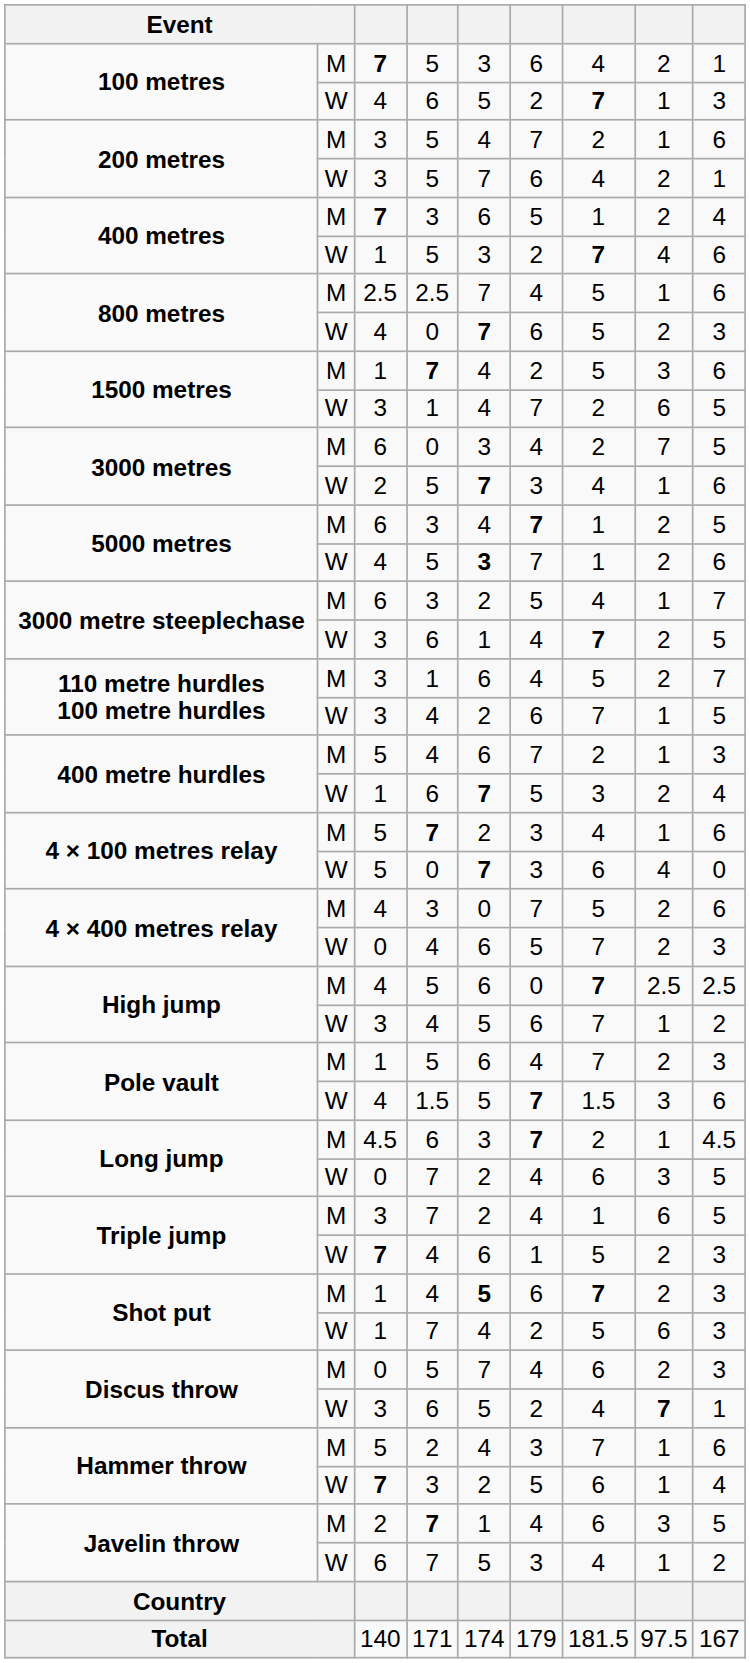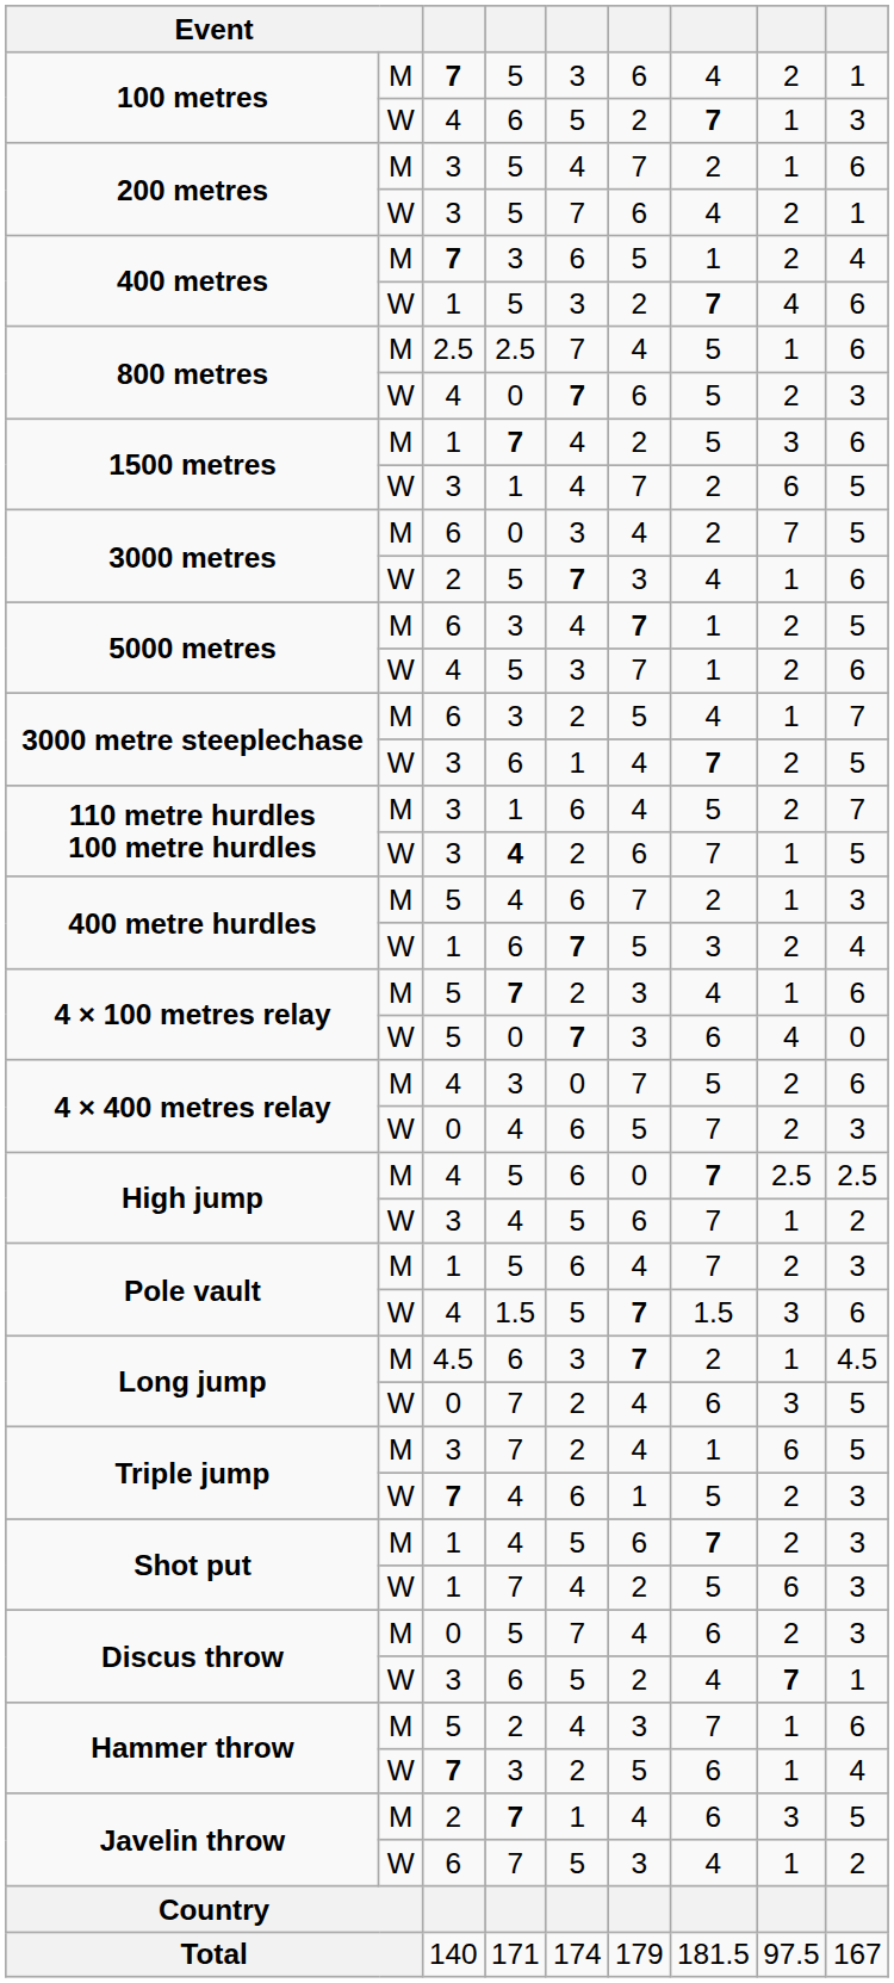 <table class="wikitable sortable" style="background-color: #f9f9f9; font-size: 90%; text-align: center">
 <tr>
 <th width=200 colspan=2>Event</th>
 <th></th>
 <th></th>
 <th></th>
 <th></th>
 <th></th>
 <th></th>
 <th></th>
 </tr>
 <tr>
 <td rowspan=2><strong>100 metres</strong></td>
 <td>M</td>
 <td><strong>7</strong></td>
 <td>5</td>
 <td>3</td>
 <td>6</td>
 <td>4</td>
 <td>2</td>
 <td>1</td>
 </tr>
 <tr>
 <td>W</td>
 <td>4</td>
 <td>6</td>
 <td>5</td>
 <td>2</td>
 <td><strong>7</strong></td>
 <td>1</td>
 <td>3</td>
 </tr>
 <tr>
 <td rowspan=2><strong>200 metres</strong></td>
 <td>M</td>
 <td>3</td>
 <td>5</td>
 <td>4</td>
 <td>7</td>
 <td>2</td>
 <td>1</td>
 <td>6</td>
 </tr>
 <tr>
 <td>W</td>
 <td>3</td>
 <td>5</td>
 <td>7</td>
 <td>6</td>
 <td>4</td>
 <td>2</td>
 <td>1</td>
 </tr>
 <tr>
 <td rowspan=2><strong>400 metres</strong></td>
 <td>M</td>
 <td><strong>7</strong></td>
 <td>3</td>
 <td>6</td>
 <td>5</td>
 <td>1</td>
 <td>2</td>
 <td>4</td>
 </tr>
 <tr>
 <td>W</td>
 <td>1</td>
 <td>5</td>
 <td>3</td>
 <td>2</td>
 <td><strong>7</strong></td>
 <td>4</td>
 <td>6</td>
 </tr>
 <tr>
 <td rowspan=2><strong>800 metres</strong></td>
 <td>M</td>
 <td>2.5</td>
 <td>2.5</td>
 <td>7</td>
 <td>4</td>
 <td>5</td>
 <td>1</td>
 <td>6</td>
 </tr>
 <tr>
 <td>W</td>
 <td>4</td>
 <td>0</td>
 <td><strong>7</strong></td>
 <td>6</td>
 <td>5</td>
 <td>2</td>
 <td>3</td>
 </tr>
 <tr>
 <td rowspan=2><strong>1500 metres</strong></td>
 <td>M</td>
 <td>1</td>
 <td><strong>7</strong></td>
 <td>4</td>
 <td>2</td>
 <td>5</td>
 <td>3</td>
 <td>6</td>
 </tr>
 <tr>
 <td>W</td>
 <td>3</td>
 <td>1</td>
 <td>4</td>
 <td>7</td>
 <td>2</td>
 <td>6</td>
 <td>5</td>
 </tr>
 <tr>
 <td rowspan=2><strong>3000 metres</strong></td>
 <td>M</td>
 <td>6</td>
 <td>0</td>
 <td>3</td>
 <td>4</td>
 <td>2</td>
 <td>7</td>
 <td>5</td>
 </tr>
 <tr>
 <td>W</td>
 <td>2</td>
 <td>5</td>
 <td><strong>7</strong></td>
 <td>3</td>
 <td>4</td>
 <td>1</td>
 <td>6</td>
 </tr>
 <tr>
 <td rowspan=2><strong>5000 metres</strong></td>
 <td>M</td>
 <td>6</td>
 <td>3</td>
 <td>4</td>
 <td><strong>7</strong></td>
 <td>1</td>
 <td>2</td>
 <td>5</td>
 </tr>
 <tr>
 <td>W</td>
 <td>4</td>
 <td>5</td>
-<td><strong>3</strong></td>
+<td>3</td>
 <td>7</td>
 <td>1</td>
 <td>2</td>
 <td>6</td>
 </tr>
 <tr>
 <td rowspan=2><strong>3000 metre steeplechase</strong></td>
 <td>M</td>
 <td>6</td>
 <td>3</td>
 <td>2</td>
 <td>5</td>
 <td>4</td>
 <td>1</td>
 <td>7</td>
 </tr>
 <tr>
 <td>W</td>
 <td>3</td>
 <td>6</td>
 <td>1</td>
 <td>4</td>
 <td><strong>7</strong></td>
 <td>2</td>
 <td>5</td>
 </tr>
 <tr>
 <td rowspan=2><strong>110 metre hurdles<br>100 metre hurdles</strong></td>
 <td>M</td>
 <td>3</td>
 <td>1</td>
 <td>6</td>
 <td>4</td>
 <td>5</td>
 <td>2</td>
 <td>7</td>
 </tr>
 <tr>
 <td>W</td>
 <td>3</td>
-<td>4</td>
+<td><strong>4</strong></td>
 <td>2</td>
 <td>6</td>
 <td>7</td>
 <td>1</td>
 <td>5</td>
 </tr>
 <tr>
 <td rowspan=2><strong>400 metre hurdles</strong></td>
 <td>M</td>
 <td>5</td>
 <td>4</td>
 <td>6</td>
 <td>7</td>
 <td>2</td>
 <td>1</td>
 <td>3</td>
 </tr>
 <tr>
 <td>W</td>
 <td>1</td>
 <td>6</td>
 <td><strong>7</strong></td>
 <td>5</td>
 <td>3</td>
 <td>2</td>
 <td>4</td>
 </tr>
 <tr>
 <td rowspan=2><strong> 4 × 100 metres relay</strong></td>
 <td>M</td>
 <td>5</td>
 <td><strong>7</strong></td>
 <td>2</td>
 <td>3</td>
 <td>4</td>
 <td>1</td>
 <td>6</td>
 </tr>
 <tr>
 <td>W</td>
 <td>5</td>
 <td>0</td>
 <td><strong>7</strong></td>
 <td>3</td>
 <td>6</td>
 <td>4</td>
 <td>0</td>
 </tr>
 <tr>
 <td rowspan=2><strong>4 × 400 metres relay</strong></td>
 <td>M</td>
 <td>4</td>
 <td>3</td>
 <td>0</td>
 <td>7</td>
 <td>5</td>
 <td>2</td>
 <td>6</td>
 </tr>
 <tr>
 <td>W</td>
 <td>0</td>
 <td>4</td>
 <td>6</td>
 <td>5</td>
 <td>7</td>
 <td>2</td>
 <td>3</td>
 </tr>
 <tr>
 <td rowspan=2><strong>High jump</strong></td>
 <td>M</td>
 <td>4</td>
 <td>5</td>
 <td>6</td>
 <td>0</td>
 <td><strong>7</strong></td>
 <td>2.5</td>
 <td>2.5</td>
 </tr>
 <tr>
 <td>W</td>
 <td>3</td>
 <td>4</td>
 <td>5</td>
 <td>6</td>
 <td>7</td>
 <td>1</td>
 <td>2</td>
 </tr>
 <tr>
 <td rowspan=2><strong>Pole vault</strong></td>
 <td>M</td>
 <td>1</td>
 <td>5</td>
 <td>6</td>
 <td>4</td>
 <td>7</td>
 <td>2</td>
 <td>3</td>
 </tr>
 <tr>
 <td>W</td>
 <td>4</td>
 <td>1.5</td>
 <td>5</td>
 <td><strong>7</strong></td>
 <td>1.5</td>
 <td>3</td>
 <td>6</td>
 </tr>
 <tr>
 <td rowspan=2><strong>Long jump</strong></td>
 <td>M</td>
 <td>4.5</td>
 <td>6</td>
 <td>3</td>
 <td><strong>7</strong></td>
 <td>2</td>
 <td>1</td>
 <td>4.5</td>
 </tr>
 <tr>
 <td>W</td>
 <td>0</td>
 <td>7</td>
 <td>2</td>
 <td>4</td>
 <td>6</td>
 <td>3</td>
 <td>5</td>
 </tr>
 <tr>
 <td rowspan=2><strong>Triple jump</strong></td>
 <td>M</td>
 <td>3</td>
 <td>7</td>
 <td>2</td>
 <td>4</td>
 <td>1</td>
 <td>6</td>
 <td>5</td>
 </tr>
 <tr>
 <td>W</td>
 <td><strong>7</strong></td>
 <td>4</td>
 <td>6</td>
 <td>1</td>
 <td>5</td>
 <td>2</td>
 <td>3</td>
 </tr>
 <tr>
 <td rowspan=2><strong>Shot put</strong></td>
 <td>M</td>
 <td>1</td>
 <td>4</td>
-<td><strong>5</strong></td>
+<td>5</td>
 <td>6</td>
 <td><strong>7</strong></td>
 <td>2</td>
 <td>3</td>
 </tr>
 <tr>
 <td>W</td>
 <td>1</td>
 <td>7</td>
 <td>4</td>
 <td>2</td>
 <td>5</td>
 <td>6</td>
 <td>3</td>
 </tr>
 <tr>
 <td rowspan=2><strong>Discus throw</strong></td>
 <td>M</td>
 <td>0</td>
 <td>5</td>
 <td>7</td>
 <td>4</td>
 <td>6</td>
 <td>2</td>
 <td>3</td>
 </tr>
 <tr>
 <td>W</td>
 <td>3</td>
 <td>6</td>
 <td>5</td>
 <td>2</td>
 <td>4</td>
 <td><strong>7</strong></td>
 <td>1</td>
 </tr>
 <tr>
 <td rowspan=2><strong>Hammer throw</strong></td>
 <td>M</td>
 <td>5</td>
 <td>2</td>
 <td>4</td>
 <td>3</td>
 <td>7</td>
 <td>1</td>
 <td>6</td>
 </tr>
 <tr>
 <td>W</td>
 <td><strong>7</strong></td>
 <td>3</td>
 <td>2</td>
 <td>5</td>
 <td>6</td>
 <td>1</td>
 <td>4</td>
 </tr>
 <tr>
 <td rowspan=2><strong>Javelin throw</strong></td>
 <td>M</td>
 <td>2</td>
 <td><strong>7</strong></td>
 <td>1</td>
 <td>4</td>
 <td>6</td>
 <td>3</td>
 <td>5</td>
 </tr>
 <tr>
 <td>W</td>
 <td>6</td>
 <td>7</td>
 <td>5</td>
 <td>3</td>
 <td>4</td>
 <td>1</td>
 <td>2</td>
 </tr>
 <tr>
 <th colspan=2>Country</th>
 <th></th>
 <th></th>
 <th></th>
 <th></th>
 <th></th>
 <th></th>
 <th></th>
 </tr>
 <tr>
 <th colspan=2>Total</th>
 <td>140</td>
 <td>171</td>
 <td>174</td>
 <td>179</td>
 <td>181.5</td>
 <td>97.5</td>
 <td>167</td>
 </tr>
 </table>
